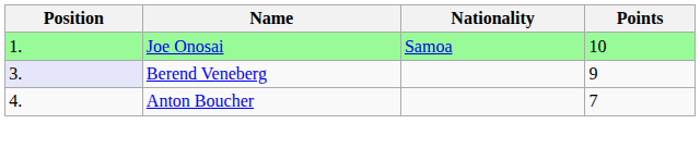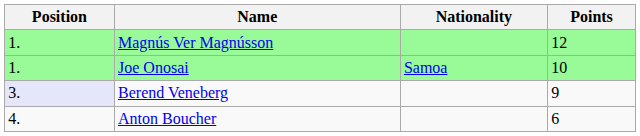 <table class="wikitable" style="display: inline-table; width: 50%;">
 <tr>
 <th>Position</th>
 <th>Name</th>
 <th>Nationality</th>
 <th>Points</th>
 </tr>
 <tr>
+</tr>
+<tr style="background:palegreen">
+<td>1.</td>
+<td><a href='#'>Magnús Ver Magnússon</a></td>
+<td></td>
+<td>12</td>
 </tr>
 <tr>
 </tr>
 <tr style="background:palegreen">
 <td>1.</td>
 <td><a href='#'>Joe Onosai</a></td>
 <td> <a href='#'>Samoa</a></td>
 <td>10</td>
 </tr>
 <tr>
 <td style="background: lavender;">3.</td>
 <td><a href='#'>Berend Veneberg</a></td>
 <td></td>
 <td>9</td>
 </tr>
 <tr>
 <td>4.</td>
 <td><a href='#'>Anton Boucher</a></td>
 <td></td>
-<td>7</td>
+<td>6</td>
 </tr>
 </table>
